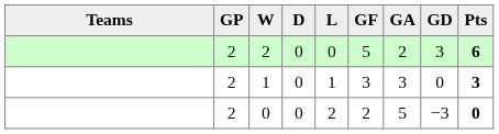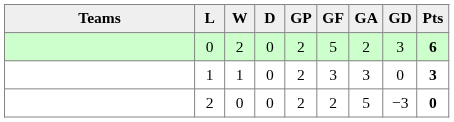 <table style=border-collapse:collapse border=1 cellspacing=0 cellpadding=5>
 <tr align=center bgcolor=#efefef>
 <th width=185>Teams</th>
-<th width=20>GP</th>
+<th width=20>L</th>
 <th width=20>W</th>
 <th width=20>D</th>
-<th width=20>L</th>
+<th width=20>GP</th>
 <th width=20>GF</th>
 <th width=20>GA</th>
 <th width=20>GD</th>
 <th width=20>Pts</th>
 </tr>
 <tr align=center style="background:#ccffcc;">
 <td style="text-align:left;"></td>
-<td>2</td>
+<td>0</td>
 <td>2</td>
 <td>0</td>
-<td>0</td>
+<td>2</td>
 <td>5</td>
 <td>2</td>
 <td>3</td>
 <td><strong>6</strong></td>
 </tr>
 <tr align=center>
 <td style="text-align:left;"></td>
-<td>2</td>
+<td>1</td>
 <td>1</td>
 <td>0</td>
-<td>1</td>
+<td>2</td>
 <td>3</td>
 <td>3</td>
 <td>0</td>
 <td><strong>3</strong></td>
 </tr>
 <tr align=center>
 <td style="text-align:left;"></td>
 <td>2</td>
 <td>0</td>
 <td>0</td>
 <td>2</td>
 <td>2</td>
 <td>5</td>
 <td>−3</td>
 <td><strong>0</strong></td>
 </tr>
 </table>
